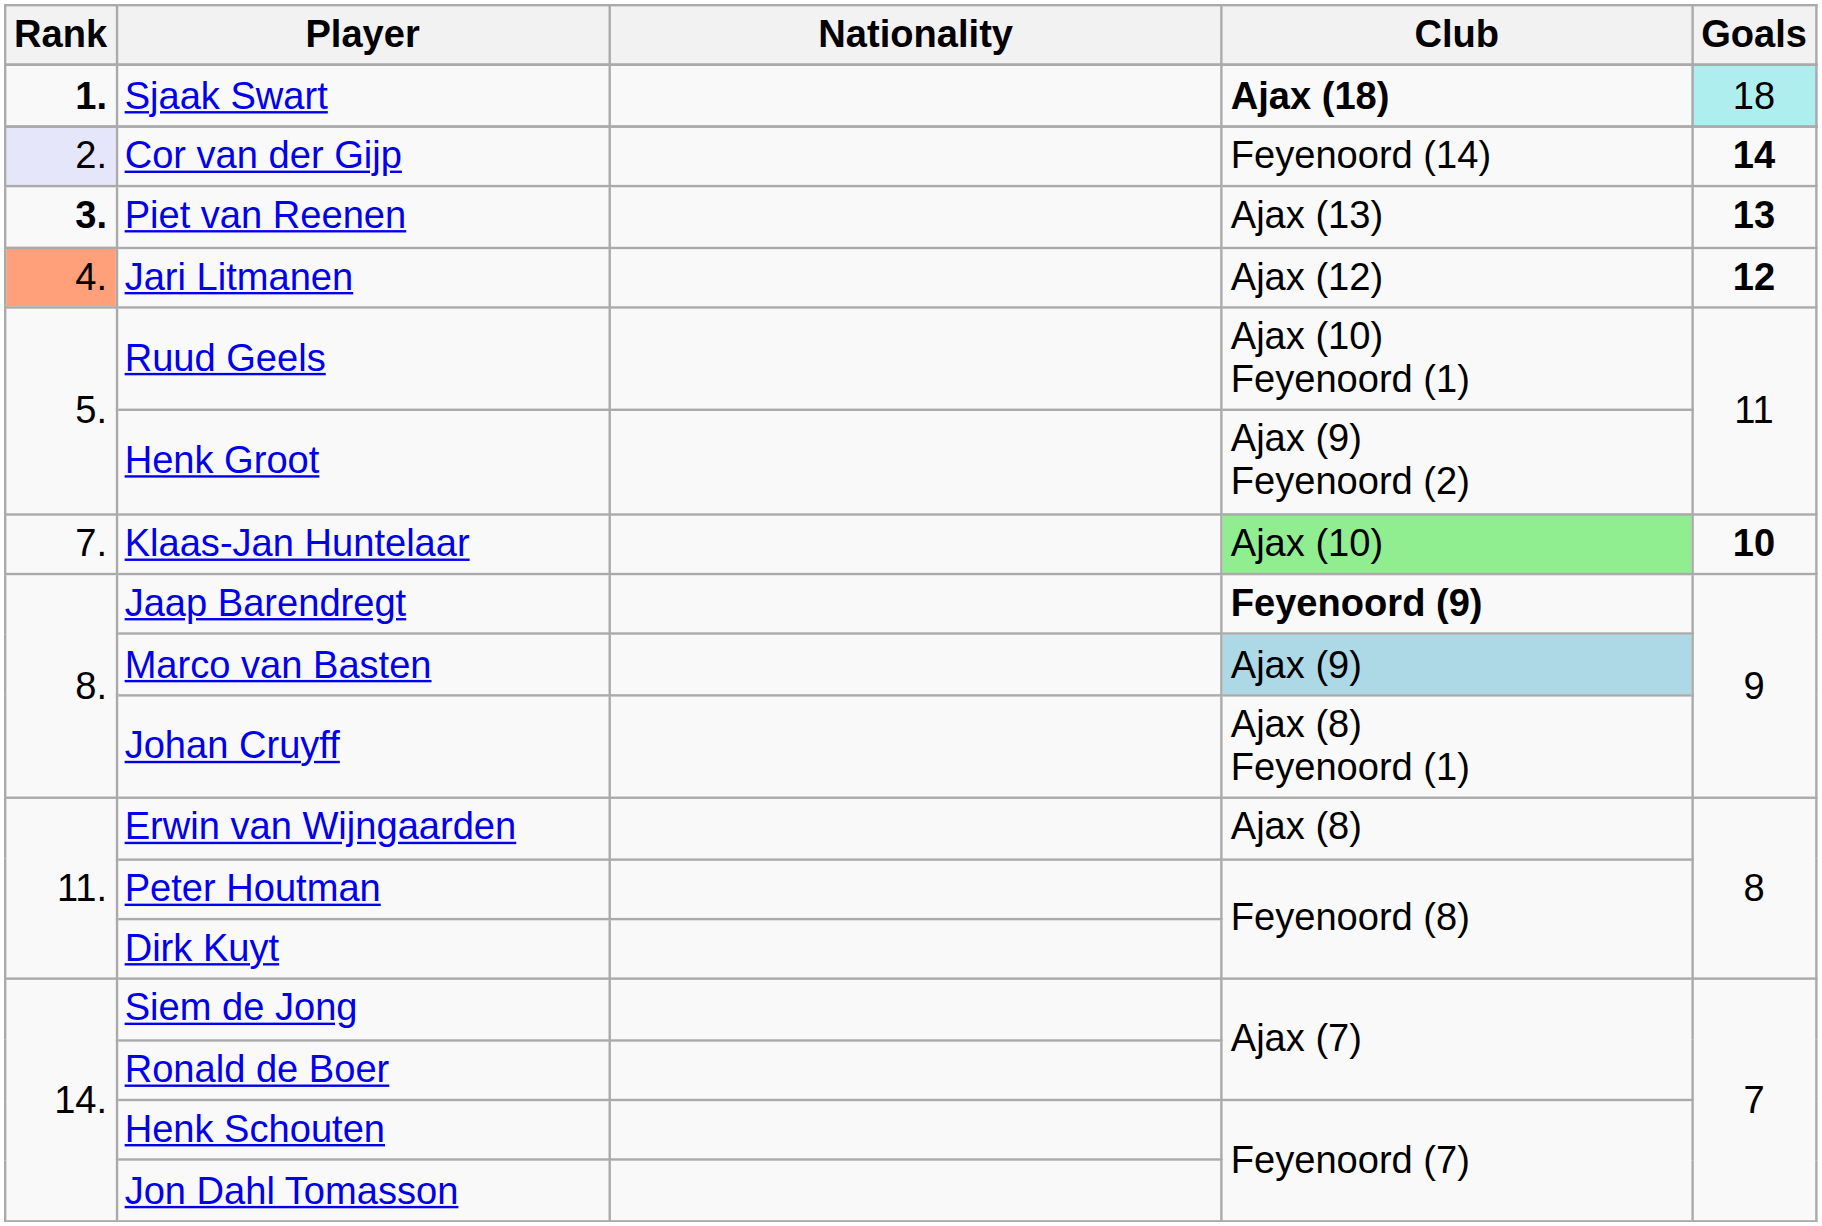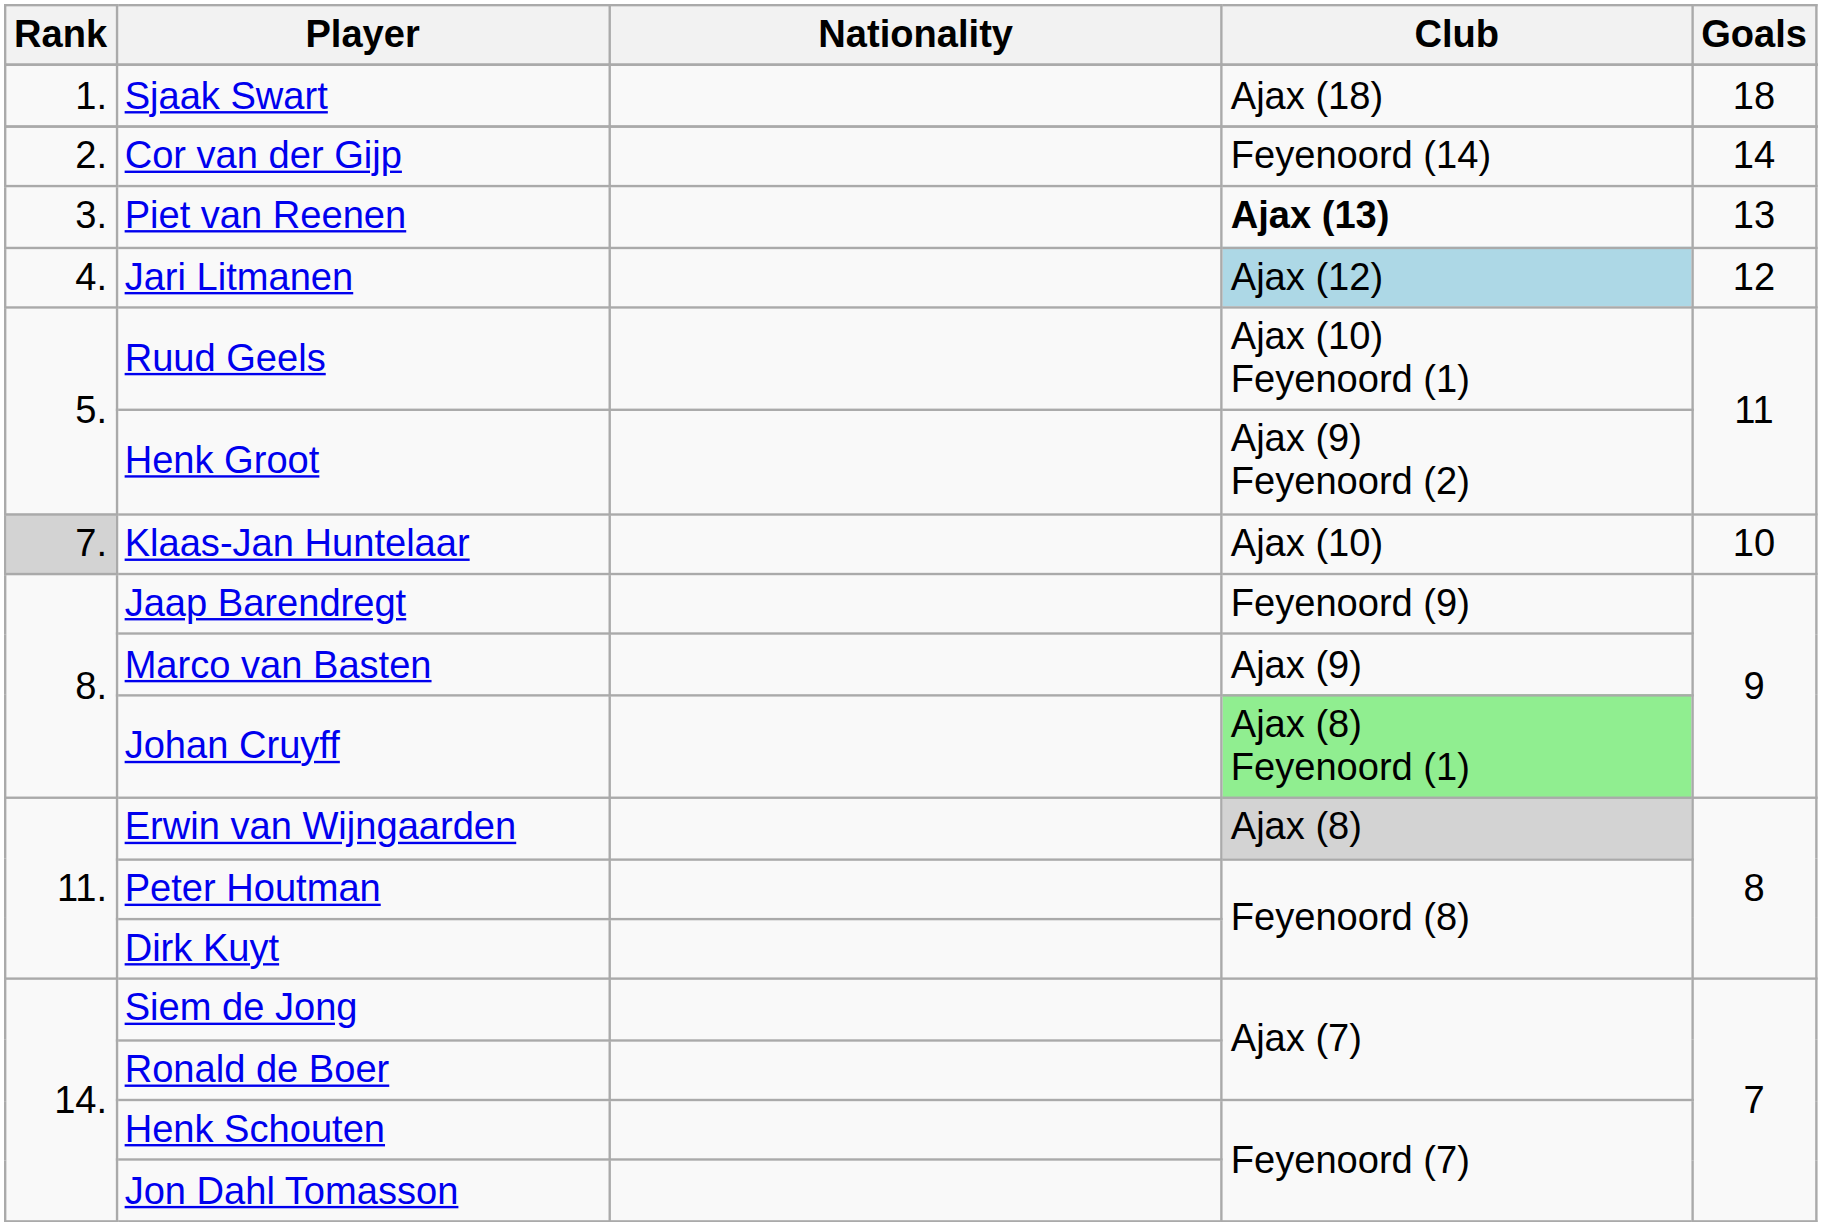 <table class="wikitable">
 <tr valign=top>
 <th>Rank</th>
 <th width=200>Player</th>
 <th width=250>Nationality</th>
 <th width=190>Club</th>
 <th width=45>Goals</th>
 </tr>
 <tr>
 </tr>
 <tr valign=top>
-<td align=right><strong>1.</strong></td>
+<td align=right>1.</td>
 <td><a href='#'>Sjaak Swart</a></td>
 <td></td>
-<td><strong>Ajax (18)</strong></td>
-<td align=center style="background: paleturquoise;">18</td>
+<td>Ajax (18)</td>
+<td align=center>18</td>
 </tr>
 <tr>
 </tr>
 <tr valign=top>
-<td align=right style="background: lavender;">2.</td>
+<td align=right>2.</td>
 <td><a href='#'>Cor van der Gijp</a></td>
 <td></td>
 <td>Feyenoord (14)</td>
-<td align=center><strong>14</strong></td>
+<td align=center>14</td>
 </tr>
 <tr>
-<td align=right><strong>3.</strong></td>
+<td align=right>3.</td>
 <td><a href='#'>Piet van Reenen</a></td>
 <td></td>
-<td>Ajax (13)</td>
-<td align=center><strong>13</strong></td>
+<td><strong>Ajax (13)</strong></td>
+<td align=center>13</td>
 </tr>
 <tr>
-<td align=right style="background: lightsalmon;">4.</td>
+<td align=right>4.</td>
 <td><a href='#'>Jari Litmanen</a></td>
 <td></td>
-<td>Ajax (12)</td>
-<td align=center><strong>12</strong></td>
+<td style="background: lightblue;">Ajax (12)</td>
+<td align=center>12</td>
 </tr>
 <tr>
 <td rowspan=2 align=right>5.</td>
 <td><a href='#'>Ruud Geels</a></td>
 <td></td>
 <td>Ajax (10)<br>Feyenoord (1)</td>
 <td rowspan=2 align=center>11</td>
 </tr>
 <tr>
 <td><a href='#'>Henk Groot</a></td>
 <td></td>
 <td>Ajax (9)<br>Feyenoord (2)</td>
 </tr>
 <tr>
-<td align=right>7.</td>
+<td align=right style="background: lightgrey;">7.</td>
 <td><a href='#'>Klaas-Jan Huntelaar</a></td>
 <td></td>
-<td style="background: lightgreen;">Ajax (10)</td>
-<td align=center><strong>10</strong></td>
+<td>Ajax (10)</td>
+<td align=center>10</td>
 </tr>
 <tr>
 <td rowspan=3 align=right>8.</td>
 <td><a href='#'>Jaap Barendregt</a></td>
 <td></td>
-<td><strong>Feyenoord (9)</strong></td>
+<td>Feyenoord (9)</td>
 <td rowspan=3 align=center>9</td>
 </tr>
 <tr>
 <td><a href='#'>Marco van Basten</a></td>
 <td></td>
-<td style="background: lightblue;">Ajax (9)</td>
+<td>Ajax (9)</td>
 </tr>
 <tr>
 <td><a href='#'>Johan Cruyff</a></td>
 <td></td>
-<td>Ajax (8)<br>Feyenoord (1)</td>
+<td style="background: lightgreen;">Ajax (8)<br>Feyenoord (1)</td>
 </tr>
 <tr>
 <td rowspan=3 align=right>11.</td>
 <td><a href='#'>Erwin van Wijngaarden</a></td>
 <td></td>
-<td>Ajax (8)</td>
+<td style="background: lightgrey;">Ajax (8)</td>
 <td rowspan=3 align=center>8</td>
 </tr>
 <tr>
 <td><a href='#'>Peter Houtman</a></td>
 <td></td>
 <td rowspan=2>Feyenoord (8)</td>
 </tr>
 <tr>
 <td><a href='#'>Dirk Kuyt</a></td>
 <td></td>
 </tr>
 <tr>
 <td rowspan=4 align=right>14.</td>
 <td><a href='#'>Siem de Jong</a></td>
 <td></td>
 <td rowspan=2>Ajax (7)</td>
 <td rowspan=4 align=center>7</td>
 </tr>
 <tr>
 <td><a href='#'>Ronald de Boer</a></td>
 <td></td>
 </tr>
 <tr>
 <td><a href='#'>Henk Schouten</a></td>
 <td></td>
 <td rowspan=2>Feyenoord (7)</td>
 </tr>
 <tr>
 <td><a href='#'>Jon Dahl Tomasson</a></td>
 <td></td>
 </tr>
 </table>
